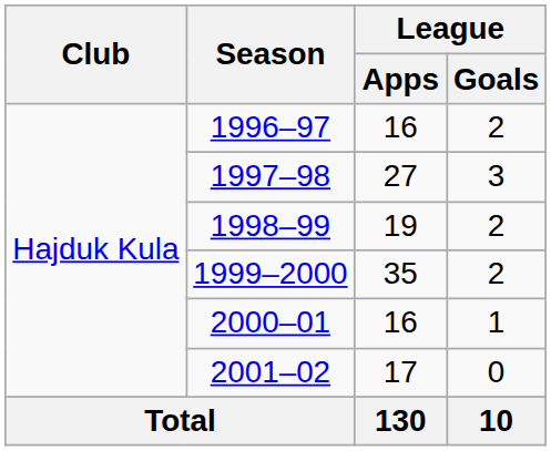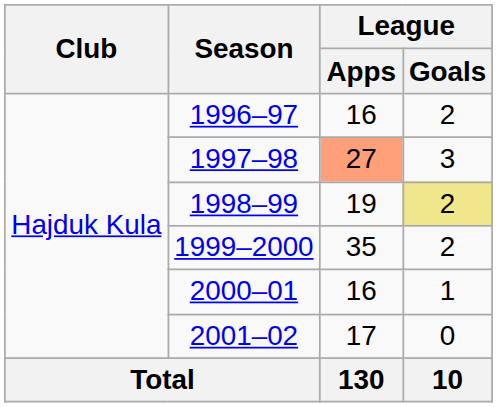 <table class="wikitable" style="text-align:center">
 <tr>
 <th rowspan="2">Club</th>
 <th rowspan="2">Season</th>
 <th colspan="2">League</th>
 </tr>
 <tr>
 <th>Apps</th>
 <th>Goals</th>
 </tr>
 <tr>
 <td rowspan="6"><a href='#'>Hajduk Kula</a></td>
 <td><a href='#'>1996–97</a></td>
 <td>16</td>
 <td>2</td>
 </tr>
 <tr>
 <td><a href='#'>1997–98</a></td>
-<td>27</td>
+<td style="background: lightsalmon;">27</td>
 <td>3</td>
 </tr>
 <tr>
 <td><a href='#'>1998–99</a></td>
 <td>19</td>
-<td>2</td>
+<td style="background: khaki;">2</td>
 </tr>
 <tr>
 <td><a href='#'>1999–2000</a></td>
 <td>35</td>
 <td>2</td>
 </tr>
 <tr>
 <td><a href='#'>2000–01</a></td>
 <td>16</td>
 <td>1</td>
 </tr>
 <tr>
 <td><a href='#'>2001–02</a></td>
 <td>17</td>
 <td>0</td>
 </tr>
 <tr>
 <th colspan=2>Total</th>
 <th>130</th>
 <th>10</th>
 </tr>
 </table>
